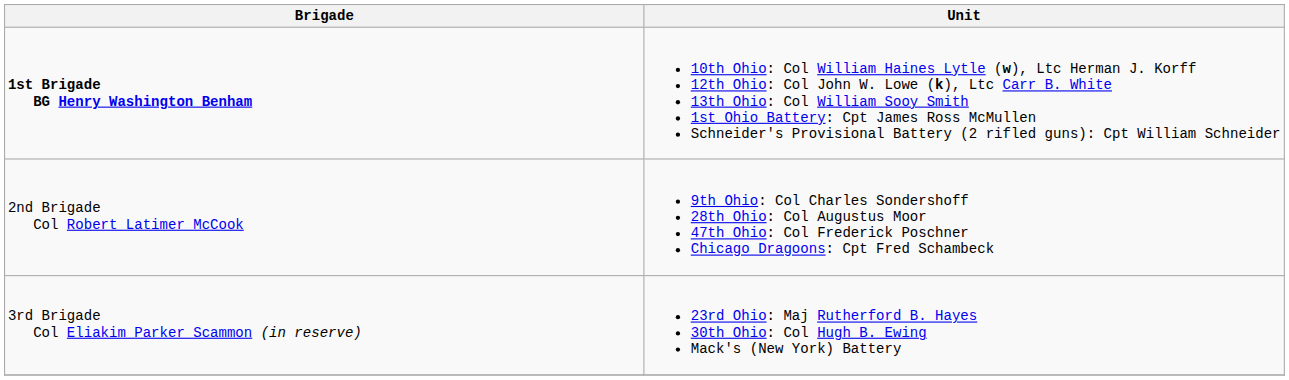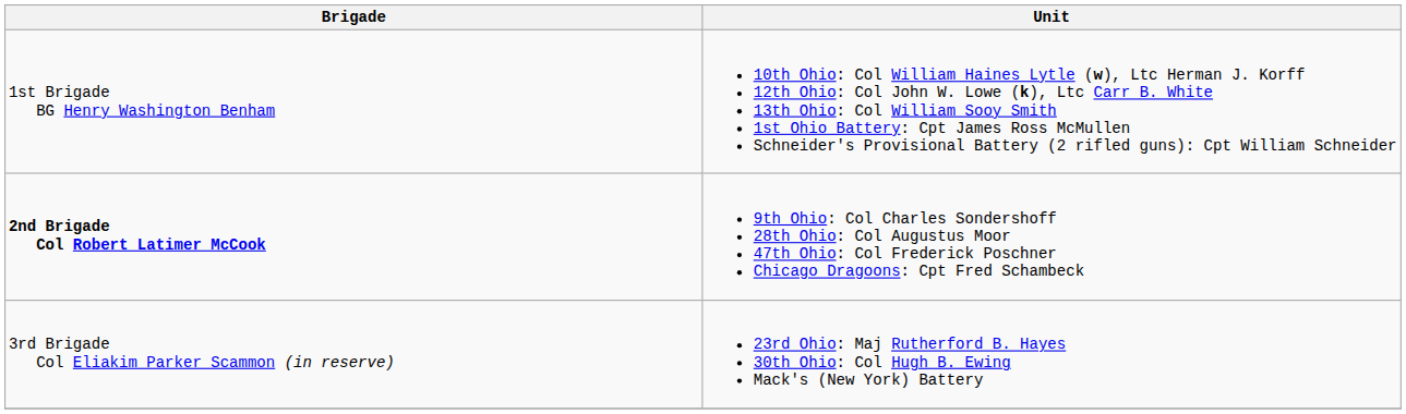 <table class="wikitable">
 <tr>
 <th width=50%>Brigade</th>
 <th width=50%>Unit</th>
 </tr>
 <tr>
-<td><strong>1st Brigade<br>   BG <a href='#'>Henry Washington Benham</a></strong></td>
+<td>1st Brigade<br>   BG <a href='#'>Henry Washington Benham</a></td>
 <td><br><ul><li><a href='#'>10th Ohio</a>: Col <a href='#'>William Haines Lytle</a> (<strong>w</strong>), Ltc Herman J. Korff</li><li><a href='#'>12th Ohio</a>: Col John W. Lowe (<strong>k</strong>), Ltc <a href='#'>Carr B. White</a></li><li><a href='#'>13th Ohio</a>: Col <a href='#'>William Sooy Smith</a></li><li><a href='#'>1st Ohio Battery</a>: Cpt James Ross McMullen</li><li>Schneider's Provisional Battery (2 rifled guns): Cpt William Schneider</li></ul></td>
 </tr>
 <tr>
-<td>2nd Brigade<br>   Col <a href='#'>Robert Latimer McCook</a></td>
+<td><strong>2nd Brigade<br>   Col <a href='#'>Robert Latimer McCook</a></strong></td>
 <td><br><ul><li><a href='#'>9th Ohio</a>: Col Charles Sondershoff</li><li><a href='#'>28th Ohio</a>: Col Augustus Moor</li><li><a href='#'>47th Ohio</a>: Col Frederick Poschner</li><li><a href='#'>Chicago Dragoons</a>: Cpt Fred Schambeck</li></ul></td>
 </tr>
 <tr>
 <td>3rd Brigade<br>   Col <a href='#'>Eliakim Parker Scammon</a> <em>(in reserve)</em></td>
 <td><br><ul><li><a href='#'>23rd Ohio</a>: Maj <a href='#'>Rutherford B. Hayes</a></li><li><a href='#'>30th Ohio</a>: Col <a href='#'>Hugh B. Ewing</a></li><li>Mack's (New York) Battery</li></ul></td>
 </tr>
 <tr>
 </tr>
 </table>
